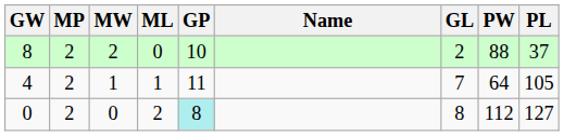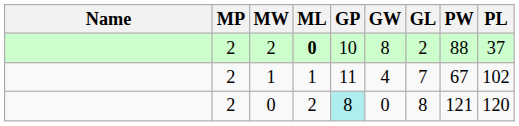 <table class=wikitable style="text-align:center">
 <tr>
-<th width=20>GW</th>
+<th width=175>Name</th>
 <th width=20>MP</th>
 <th width=20>MW</th>
 <th width=20>ML</th>
 <th width=20>GP</th>
-<th width=175>Name</th>
+<th width=20>GW</th>
 <th width=20>GL</th>
 <th width=20>PW</th>
 <th width=20>PL</th>
 </tr>
 <tr style="background-color:#ccffcc;">
-<td>8</td>
+<td style="text-align:left;"><strong></strong></td>
 <td>2</td>
 <td>2</td>
-<td>0</td>
+<td><strong>0</strong></td>
 <td>10</td>
-<td style="text-align:left;"><strong></strong></td>
+<td>8</td>
 <td>2</td>
 <td>88</td>
 <td>37</td>
 </tr>
 <tr>
-<td>4</td>
+<td style="text-align:left;"></td>
 <td>2</td>
 <td>1</td>
 <td>1</td>
 <td>11</td>
-<td style="text-align:left;"></td>
+<td>4</td>
 <td>7</td>
-<td>64</td>
-<td>105</td>
+<td>67</td>
+<td>102</td>
 </tr>
 <tr>
-<td>0</td>
+<td style="text-align:left;"></td>
 <td>2</td>
 <td>0</td>
 <td>2</td>
 <td style="background: paleturquoise;">8</td>
-<td style="text-align:left;"></td>
+<td>0</td>
 <td>8</td>
-<td>112</td>
-<td>127</td>
+<td>121</td>
+<td>120</td>
 </tr>
 </table>
